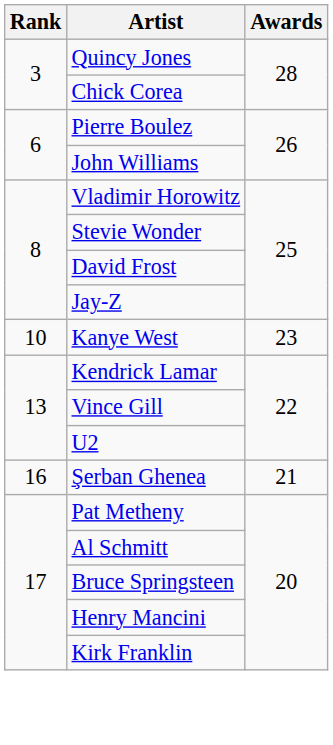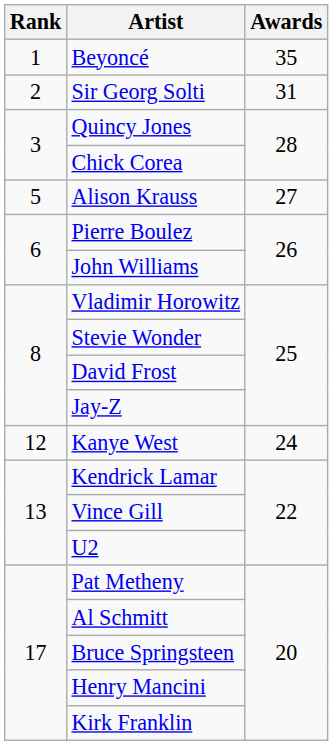 <table class="wikitable" style="text-align: center; cellpadding: 2;">
 <tr>
 <th>Rank</th>
 <th>Artist</th>
 <th>Awards</th>
+</tr>
+<tr k>
+<td rowspan="1">1</td>
+<td style="text-align: left;"><a href='#'>Beyoncé</a></td>
+<td rowspan="1">35</td>
+</tr>
+<tr>
+<td>2</td>
+<td style="text-align: left;"><a href='#'>Sir Georg Solti</a></td>
+<td rowspan="1">31</td>
 </tr>
 <tr>
 <td rowspan="2">3</td>
 <td style="text-align: left;"><a href='#'>Quincy Jones</a></td>
 <td rowspan="2">28</td>
 </tr>
 <tr>
 <td style="text-align: left;"><a href='#'>Chick Corea</a></td>
+</tr>
+<tr>
+<td>5</td>
+<td style="text-align: left;"><a href='#'>Alison Krauss</a></td>
+<td>27</td>
 </tr>
 <tr>
 <td rowspan="2">6</td>
 <td style="text-align: left;"><a href='#'>Pierre Boulez</a></td>
 <td rowspan="2">26</td>
 </tr>
 <tr>
 <td style="text-align: left;"><a href='#'>John Williams</a></td>
 </tr>
 <tr>
 <td rowspan="4">8</td>
 <td style="text-align: left;"><a href='#'>Vladimir Horowitz</a></td>
 <td rowspan="4">25</td>
 </tr>
 <tr>
 <td style="text-align: left;"><a href='#'>Stevie Wonder</a></td>
 </tr>
 <tr>
 <td style="text-align: left;"><a href='#'>David Frost</a></td>
 </tr>
 <tr>
 <td style="text-align: left;"><a href='#'>Jay-Z</a></td>
 </tr>
 <tr>
-<td rowspan="1">10</td>
+<td rowspan="1">12</td>
 <td style="text-align: left;"><a href='#'>Kanye West</a></td>
-<td rowspan="1">23</td>
+<td rowspan="1">24</td>
 </tr>
 <tr>
 <td rowspan="3">13</td>
 <td style="text-align: left;"><a href='#'>Kendrick Lamar</a></td>
 <td rowspan="3">22</td>
 </tr>
 <tr>
 <td style="text-align: left;"><a href='#'>Vince Gill</a></td>
 </tr>
 <tr>
 <td style="text-align: left;"><a href='#'>U2</a></td>
-</tr>
-<tr>
-<td>16</td>
-<td style="text-align: left;"><a href='#'>Şerban Ghenea</a></td>
-<td>21</td>
 </tr>
 <tr>
 <td rowspan="5">17</td>
 <td style="text-align: left;"><a href='#'>Pat Metheny</a></td>
 <td rowspan="5">20</td>
 </tr>
 <tr>
 <td style="text-align: left;"><a href='#'>Al Schmitt</a></td>
 </tr>
 <tr>
 <td style="text-align: left;"><a href='#'>Bruce Springsteen</a></td>
 </tr>
 <tr>
 <td style="text-align: left;"><a href='#'>Henry Mancini</a></td>
 </tr>
 <tr>
 <td style="text-align: left;"><a href='#'>Kirk Franklin</a></td>
 </tr>
 </table>
